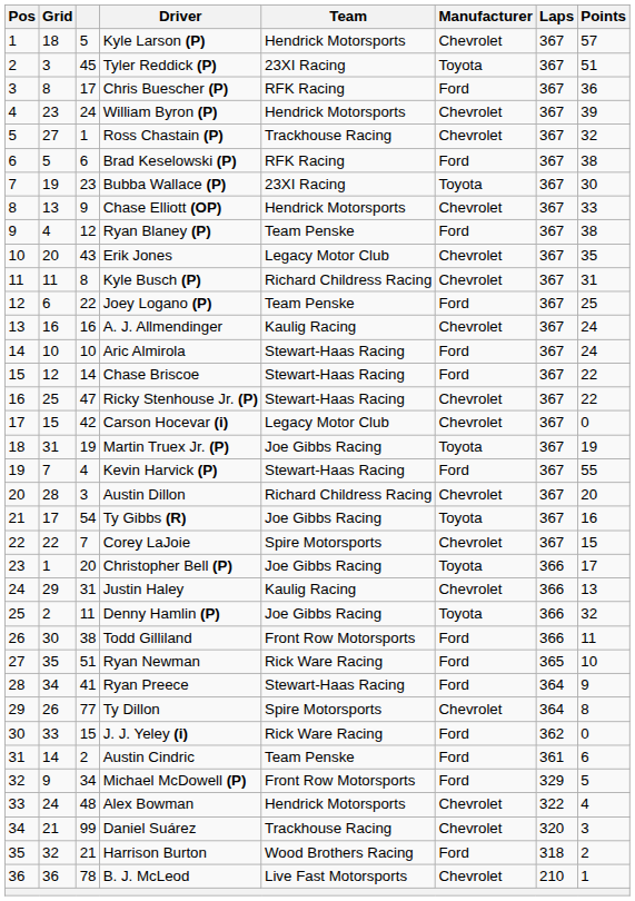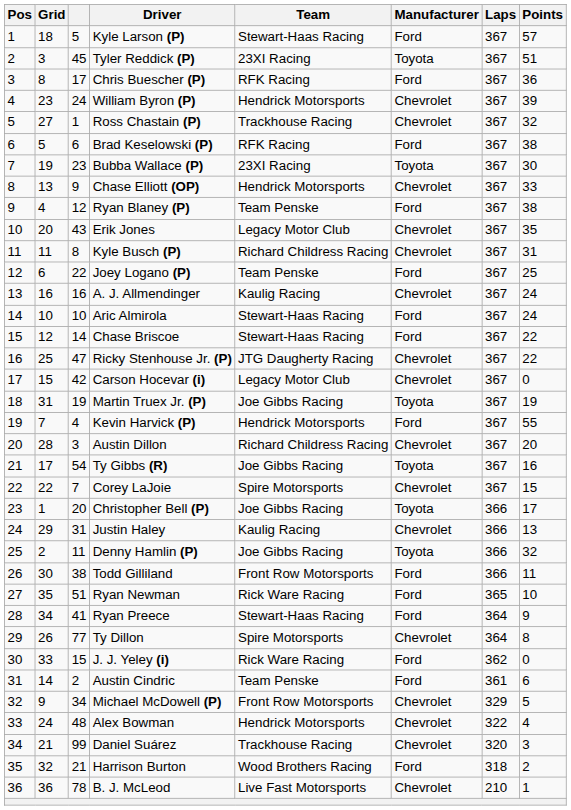 <table class="wikitable" style="font-size:98%">
 <tr>
 <th>Pos</th>
 <th>Grid</th>
 <th></th>
 <th>Driver</th>
 <th>Team</th>
 <th>Manufacturer</th>
 <th>Laps</th>
 <th>Points</th>
 </tr>
 <tr>
 <td>1</td>
 <td>18</td>
 <td>5</td>
 <td>Kyle Larson <strong>(P)</strong></td>
-<td>Hendrick Motorsports</td>
-<td>Chevrolet</td>
+<td>Stewart-Haas Racing</td>
+<td>Ford</td>
 <td>367</td>
 <td>57</td>
 </tr>
 <tr>
 <td>2</td>
 <td>3</td>
 <td>45</td>
 <td>Tyler Reddick <strong>(P)</strong></td>
 <td>23XI Racing</td>
 <td>Toyota</td>
 <td>367</td>
 <td>51</td>
 </tr>
 <tr>
 <td>3</td>
 <td>8</td>
 <td>17</td>
 <td>Chris Buescher <strong>(P)</strong></td>
 <td>RFK Racing</td>
 <td>Ford</td>
 <td>367</td>
 <td>36</td>
 </tr>
 <tr>
 <td>4</td>
 <td>23</td>
 <td>24</td>
 <td>William Byron <strong>(P)</strong></td>
 <td>Hendrick Motorsports</td>
 <td>Chevrolet</td>
 <td>367</td>
 <td>39</td>
 </tr>
 <tr>
 <td>5</td>
 <td>27</td>
 <td>1</td>
 <td>Ross Chastain <strong>(P)</strong></td>
 <td>Trackhouse Racing</td>
 <td>Chevrolet</td>
 <td>367</td>
 <td>32</td>
 </tr>
 <tr>
 <td>6</td>
 <td>5</td>
 <td>6</td>
 <td>Brad Keselowski <strong>(P)</strong></td>
 <td>RFK Racing</td>
 <td>Ford</td>
 <td>367</td>
 <td>38</td>
 </tr>
 <tr>
 <td>7</td>
 <td>19</td>
 <td>23</td>
 <td>Bubba Wallace <strong>(P)</strong></td>
 <td>23XI Racing</td>
 <td>Toyota</td>
 <td>367</td>
 <td>30</td>
 </tr>
 <tr>
 <td>8</td>
 <td>13</td>
 <td>9</td>
 <td>Chase Elliott <strong>(OP)</strong></td>
 <td>Hendrick Motorsports</td>
 <td>Chevrolet</td>
 <td>367</td>
 <td>33</td>
 </tr>
 <tr 22>
 <td>9</td>
 <td>4</td>
 <td>12</td>
 <td>Ryan Blaney <strong>(P)</strong></td>
 <td>Team Penske</td>
 <td>Ford</td>
 <td>367</td>
 <td>38</td>
 </tr>
 <tr>
 <td>10</td>
 <td>20</td>
 <td>43</td>
 <td>Erik Jones</td>
 <td>Legacy Motor Club</td>
 <td>Chevrolet</td>
 <td>367</td>
 <td>35</td>
 </tr>
 <tr>
 <td>11</td>
 <td>11</td>
 <td>8</td>
 <td>Kyle Busch <strong>(P)</strong></td>
 <td>Richard Childress Racing</td>
 <td>Chevrolet</td>
 <td>367</td>
 <td>31</td>
 </tr>
 <tr>
 <td>12</td>
 <td>6</td>
 <td>22</td>
 <td>Joey Logano <strong>(P)</strong></td>
 <td>Team Penske</td>
 <td>Ford</td>
 <td>367</td>
 <td>25</td>
 </tr>
 <tr>
 <td>13</td>
 <td>16</td>
 <td>16</td>
 <td>A. J. Allmendinger</td>
 <td>Kaulig Racing</td>
 <td>Chevrolet</td>
 <td>367</td>
 <td>24</td>
 </tr>
 <tr>
 <td>14</td>
 <td>10</td>
 <td>10</td>
 <td>Aric Almirola</td>
 <td>Stewart-Haas Racing</td>
 <td>Ford</td>
 <td>367</td>
 <td>24</td>
 </tr>
 <tr>
 <td>15</td>
 <td>12</td>
 <td>14</td>
 <td>Chase Briscoe</td>
 <td>Stewart-Haas Racing</td>
 <td>Ford</td>
 <td>367</td>
 <td>22</td>
 </tr>
 <tr>
 <td>16</td>
 <td>25</td>
 <td>47</td>
 <td>Ricky Stenhouse Jr. <strong>(P)</strong></td>
-<td>Stewart-Haas Racing</td>
+<td>JTG Daugherty Racing</td>
 <td>Chevrolet</td>
 <td>367</td>
 <td>22</td>
 </tr>
 <tr>
 <td>17</td>
 <td>15</td>
 <td>42</td>
 <td>Carson Hocevar <strong>(i)</strong></td>
 <td>Legacy Motor Club</td>
 <td>Chevrolet</td>
 <td>367</td>
 <td>0</td>
 </tr>
 <tr>
 <td>18</td>
 <td>31</td>
 <td>19</td>
 <td>Martin Truex Jr. <strong>(P)</strong></td>
 <td>Joe Gibbs Racing</td>
 <td>Toyota</td>
 <td>367</td>
 <td>19</td>
 </tr>
 <tr>
 <td>19</td>
 <td>7</td>
 <td>4</td>
 <td>Kevin Harvick <strong>(P)</strong></td>
-<td>Stewart-Haas Racing</td>
+<td>Hendrick Motorsports</td>
 <td>Ford</td>
 <td>367</td>
 <td>55</td>
 </tr>
 <tr>
 <td>20</td>
 <td>28</td>
 <td>3</td>
 <td>Austin Dillon</td>
 <td>Richard Childress Racing</td>
 <td>Chevrolet</td>
 <td>367</td>
 <td>20</td>
 </tr>
 <tr>
 <td>21</td>
 <td>17</td>
 <td>54</td>
 <td>Ty Gibbs <strong>(R)</strong></td>
 <td>Joe Gibbs Racing</td>
 <td>Toyota</td>
 <td>367</td>
 <td>16</td>
 </tr>
 <tr>
 <td>22</td>
 <td>22</td>
 <td>7</td>
 <td>Corey LaJoie</td>
 <td>Spire Motorsports</td>
 <td>Chevrolet</td>
 <td>367</td>
 <td>15</td>
 </tr>
 <tr>
 <td>23</td>
 <td>1</td>
 <td>20</td>
 <td>Christopher Bell <strong>(P)</strong></td>
 <td>Joe Gibbs Racing</td>
 <td>Toyota</td>
 <td>366</td>
 <td>17</td>
 </tr>
 <tr>
 <td>24</td>
 <td>29</td>
 <td>31</td>
 <td>Justin Haley</td>
 <td>Kaulig Racing</td>
 <td>Chevrolet</td>
 <td>366</td>
 <td>13</td>
 </tr>
 <tr>
 <td>25</td>
 <td>2</td>
 <td>11</td>
 <td>Denny Hamlin <strong>(P)</strong></td>
 <td>Joe Gibbs Racing</td>
 <td>Toyota</td>
 <td>366</td>
 <td>32</td>
 </tr>
 <tr>
 <td>26</td>
 <td>30</td>
 <td>38</td>
 <td>Todd Gilliland</td>
 <td>Front Row Motorsports</td>
 <td>Ford</td>
 <td>366</td>
 <td>11</td>
 </tr>
 <tr>
 <td>27</td>
 <td>35</td>
 <td>51</td>
 <td>Ryan Newman</td>
 <td>Rick Ware Racing</td>
 <td>Ford</td>
 <td>365</td>
 <td>10</td>
 </tr>
 <tr>
 <td>28</td>
 <td>34</td>
 <td>41</td>
 <td>Ryan Preece</td>
 <td>Stewart-Haas Racing</td>
 <td>Ford</td>
 <td>364</td>
 <td>9</td>
 </tr>
 <tr>
 <td>29</td>
 <td>26</td>
 <td>77</td>
 <td>Ty Dillon</td>
 <td>Spire Motorsports</td>
 <td>Chevrolet</td>
 <td>364</td>
 <td>8</td>
 </tr>
 <tr>
 <td>30</td>
 <td>33</td>
 <td>15</td>
 <td>J. J. Yeley <strong>(i)</strong></td>
 <td>Rick Ware Racing</td>
 <td>Ford</td>
 <td>362</td>
 <td>0</td>
 </tr>
 <tr>
 <td>31</td>
 <td>14</td>
 <td>2</td>
 <td>Austin Cindric</td>
 <td>Team Penske</td>
 <td>Ford</td>
 <td>361</td>
 <td>6</td>
 </tr>
 <tr>
 <td>32</td>
 <td>9</td>
 <td>34</td>
 <td>Michael McDowell <strong>(P)</strong></td>
 <td>Front Row Motorsports</td>
-<td>Ford</td>
+<td>Chevrolet</td>
 <td>329</td>
 <td>5</td>
 </tr>
 <tr>
 <td>33</td>
 <td>24</td>
 <td>48</td>
 <td>Alex Bowman</td>
 <td>Hendrick Motorsports</td>
 <td>Chevrolet</td>
 <td>322</td>
 <td>4</td>
 </tr>
 <tr>
 <td>34</td>
 <td>21</td>
 <td>99</td>
 <td>Daniel Suárez</td>
 <td>Trackhouse Racing</td>
 <td>Chevrolet</td>
 <td>320</td>
 <td>3</td>
 </tr>
 <tr>
 <td>35</td>
 <td>32</td>
 <td>21</td>
 <td>Harrison Burton</td>
 <td>Wood Brothers Racing</td>
 <td>Ford</td>
 <td>318</td>
 <td>2</td>
 </tr>
 <tr>
 <td>36</td>
 <td>36</td>
 <td>78</td>
 <td>B. J. McLeod</td>
 <td>Live Fast Motorsports</td>
 <td>Chevrolet</td>
 <td>210</td>
 <td>1</td>
 </tr>
 <tr>
 <th colspan="8"></th>
 </tr>
 </table>
